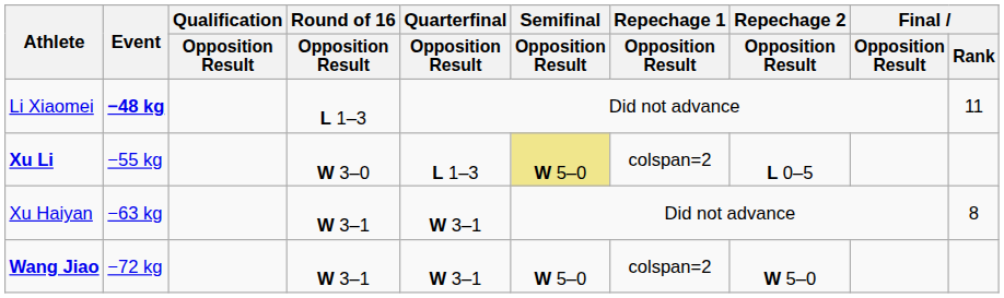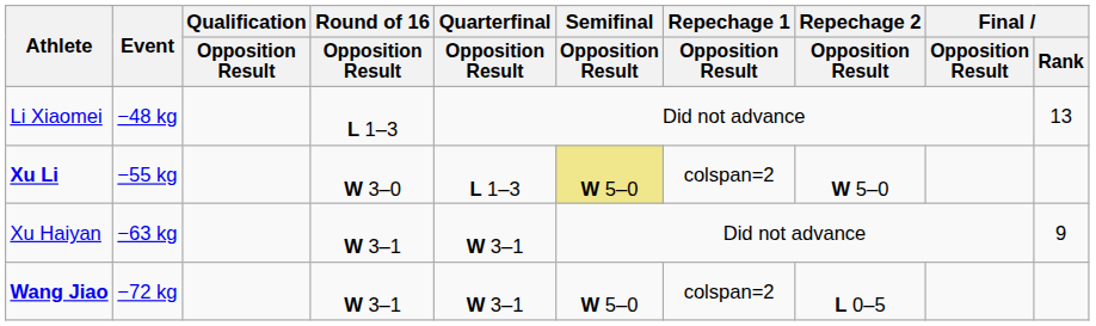 <table class="wikitable" style="font-size:90%">
 <tr>
 <th rowspan="2">Athlete</th>
 <th rowspan="2">Event</th>
 <th>Qualification</th>
 <th>Round of 16</th>
 <th>Quarterfinal</th>
 <th>Semifinal</th>
 <th>Repechage 1</th>
 <th>Repechage 2</th>
 <th colspan=2>Final / </th>
 </tr>
 <tr style="font-size: 95%">
 <th>Opposition<br>Result</th>
 <th>Opposition<br>Result</th>
 <th>Opposition<br>Result</th>
 <th>Opposition<br>Result</th>
 <th>Opposition<br>Result</th>
 <th>Opposition<br>Result</th>
 <th>Opposition<br>Result</th>
 <th>Rank</th>
 </tr>
 <tr align=center>
 <td align=left><a href='#'>Li Xiaomei</a></td>
-<td align=left><strong><a href='#'>−48 kg</a></strong></td>
+<td align=left><a href='#'>−48 kg</a></td>
 <td></td>
 <td><br><strong>L</strong> 1–3 <sup></sup></td>
 <td colspan=5>Did not advance</td>
-<td>11</td>
+<td>13</td>
 </tr>
 <tr align=center>
 <td align=left><strong><a href='#'>Xu Li</a></strong></td>
 <td align=left><a href='#'>−55 kg</a></td>
 <td></td>
 <td><br><strong>W</strong> 3–0 <sup></sup></td>
 <td><br><strong>L</strong> 1–3 <sup></sup></td>
 <td style="background: khaki;"><br><strong>W</strong> 5–0 <sup></sup></td>
 <td>colspan=2 </td>
-<td><br><strong>L</strong> 0–5 <sup></sup></td>
+<td><br><strong>W</strong> 5–0 <sup></sup></td>
 <td></td>
 </tr>
 <tr align=center>
 <td align=left><a href='#'>Xu Haiyan</a></td>
 <td align=left><a href='#'>−63 kg</a></td>
 <td></td>
 <td><br><strong>W</strong> 3–1 <sup></sup></td>
 <td><br><strong>W</strong> 3–1 <sup></sup></td>
 <td colspan=4>Did not advance</td>
-<td>8</td>
+<td>9</td>
 </tr>
 <tr align=center>
 <td align=left><strong><a href='#'>Wang Jiao</a></strong></td>
 <td align=left><a href='#'>−72 kg</a></td>
 <td></td>
 <td><br><strong>W</strong> 3–1 <sup></sup></td>
 <td><br><strong>W</strong> 3–1 <sup></sup></td>
 <td><br><strong>W</strong> 5–0 <sup></sup></td>
 <td>colspan=2 </td>
-<td><br><strong>W</strong> 5–0 <sup></sup></td>
+<td><br><strong>L</strong> 0–5 <sup></sup></td>
 <td></td>
 </tr>
 </table>
